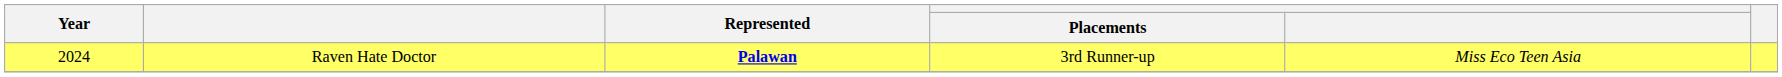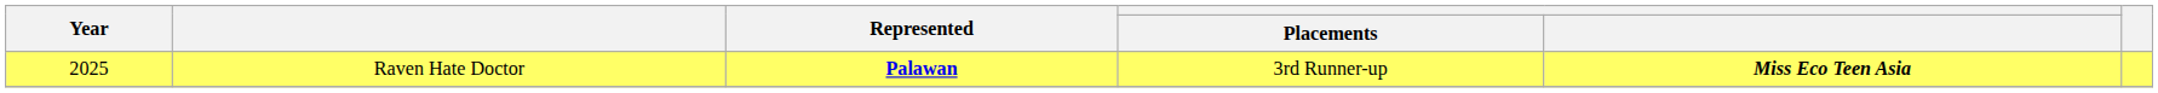 <table class="wikitable" style="text-align:center; line-height:20px; font-size:90%; width:100%;">
 <tr>
 <th rowspan="2">Year</th>
 <th rowspan="2"></th>
 <th rowspan="2">Represented</th>
 <th colspan="2"></th>
 <th rowspan="2"></th>
 </tr>
 <tr>
 <th>Placements</th>
 <th></th>
 </tr>
 <tr style="background-color:#FFFF66">
-<td>2024</td>
+<td>2025</td>
 <td>Raven Hate Doctor</td>
 <td><strong><a href='#'>Palawan</a></strong></td>
 <td>3rd Runner-up</td>
-<td><em>Miss Eco Teen Asia</em></td>
+<td><strong><em>Miss Eco Teen Asia</em></strong></td>
 <td></td>
 </tr>
 <tr>
 </tr>
 </table>
